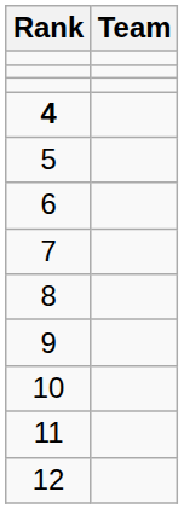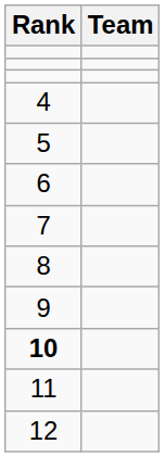 <table class="wikitable" style="text-align: left;">
 <tr>
 <th style="width: 40px;">Rank</th>
 <th>Team</th>
 </tr>
 <tr>
 <td align=center></td>
 <td></td>
 </tr>
 <tr>
 <td align=center></td>
 <td></td>
 </tr>
 <tr>
 <td align=center></td>
 <td></td>
 </tr>
 <tr>
-<td align=center><strong>4</strong></td>
+<td align=center>4</td>
 <td></td>
 </tr>
 <tr>
 <td align=center>5</td>
 <td></td>
 </tr>
 <tr>
 <td align=center>6</td>
 <td></td>
 </tr>
 <tr>
 <td align=center>7</td>
 <td></td>
 </tr>
 <tr>
 <td align=center>8</td>
 <td></td>
 </tr>
 <tr>
 <td align=center>9</td>
 <td></td>
 </tr>
 <tr>
-<td align=center>10</td>
+<td align=center><strong>10</strong></td>
 <td></td>
 </tr>
 <tr>
 <td align=center>11</td>
 <td></td>
 </tr>
 <tr>
 <td align=center>12</td>
 <td></td>
 </tr>
 </table>
